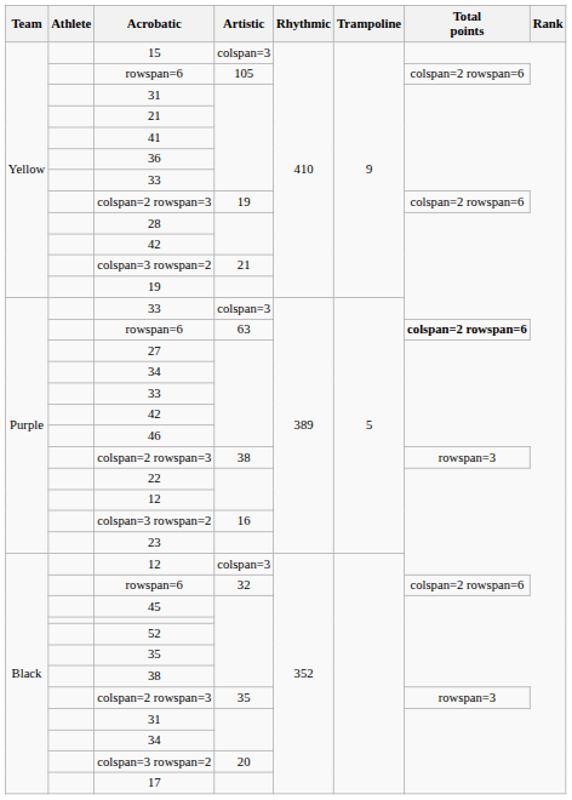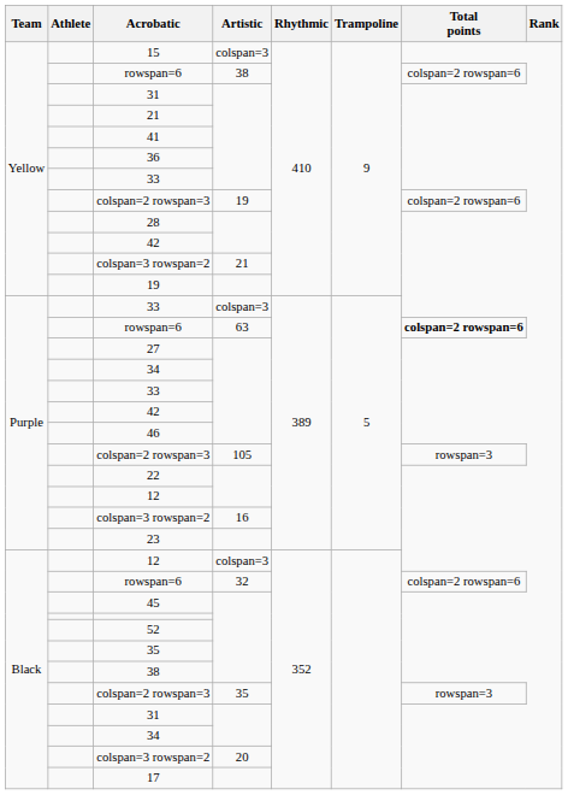 <table class="wikitable" style="font-size:90%">
 <tr>
 <th>Team</th>
 <th>Athlete</th>
 <th>Acrobatic</th>
 <th>Artistic</th>
 <th>Rhythmic</th>
 <th>Trampoline</th>
 <th>Total<br>points</th>
 <th>Rank</th>
 </tr>
 <tr align=center>
 <td rowspan=12>Yellow</td>
 <td align=left><br></td>
 <td>15</td>
 <td>colspan=3 </td>
 <td rowspan=12>410</td>
 <td rowspan=12>9</td>
 </tr>
 <tr align=center>
 <td align=left></td>
 <td>rowspan=6 </td>
-<td>105</td>
+<td>38</td>
 <td>colspan=2 rowspan=6 </td>
 </tr>
 <tr align=center>
 <td align=left></td>
 <td>31</td>
 </tr>
 <tr align=center>
 <td align=left></td>
 <td>21</td>
 </tr>
 <tr align=center>
 <td align=left></td>
 <td>41</td>
 </tr>
 <tr align=center>
 <td align=left></td>
 <td>36</td>
 </tr>
 <tr align=center>
 <td align=left></td>
 <td>33</td>
 </tr>
 <tr align=center>
 <td align=left></td>
 <td>colspan=2 rowspan=3 </td>
 <td>19</td>
 <td>colspan=2 rowspan=6 </td>
 </tr>
 <tr align=center>
 <td align=left></td>
 <td>28</td>
 </tr>
 <tr align=center>
 <td align=left></td>
 <td>42</td>
 </tr>
 <tr align=center>
 <td align=left></td>
 <td>colspan=3 rowspan=2 </td>
 <td>21</td>
 </tr>
 <tr align=center>
 <td align=left></td>
 <td>19</td>
 </tr>
 <tr align=center>
 <td rowspan=12>Purple</td>
 <td align=left><br></td>
 <td>33</td>
 <td>colspan=3 </td>
 <td rowspan=12>389</td>
 <td rowspan=12>5</td>
 </tr>
 <tr align=center>
 <td align=left></td>
 <td>rowspan=6 </td>
 <td>63</td>
 <td><strong>colspan=2 rowspan=6 </strong></td>
 </tr>
 <tr align=center>
 <td align=left></td>
 <td>27</td>
 </tr>
 <tr align=center>
 <td align=left></td>
 <td>34</td>
 </tr>
 <tr align=center>
 <td align=left></td>
 <td>33</td>
 </tr>
 <tr align=center>
 <td align=left></td>
 <td>42</td>
 </tr>
 <tr align=center>
 <td align=left></td>
 <td>46</td>
 </tr>
 <tr align=center>
 <td align=left></td>
 <td>colspan=2 rowspan=3 </td>
-<td>38</td>
+<td>105</td>
 <td>rowspan=3 </td>
 </tr>
 <tr align=center>
 <td align=left></td>
 <td>22</td>
 </tr>
 <tr align=center>
 <td align=left></td>
 <td>12</td>
 </tr>
 <tr align=center>
 <td align=left></td>
 <td>colspan=3 rowspan=2 </td>
 <td>16</td>
 </tr>
 <tr align=center>
 <td align=left></td>
 <td>23</td>
 </tr>
 <tr align=center>
 <td rowspan=12>Black</td>
 <td align=left><br></td>
 <td>12</td>
 <td>colspan=3 </td>
 <td rowspan=12>352</td>
 <td rowspan=12></td>
 </tr>
 <tr align=center>
 <td align=left></td>
 <td>rowspan=6 </td>
 <td>32</td>
 <td>colspan=2 rowspan=6 </td>
 </tr>
 <tr align=center>
 <td align=left></td>
 <td>45</td>
 </tr>
 <tr align=center>
 <td align=left></td>
 <td></td>
 </tr>
 <tr align=center>
 <td align=left></td>
 <td>52</td>
 </tr>
 <tr align=center>
 <td align=left></td>
 <td>35</td>
 </tr>
 <tr align=center>
 <td align=left></td>
 <td>38</td>
 </tr>
 <tr align=center>
 <td align=left></td>
 <td>colspan=2 rowspan=3 </td>
 <td>35</td>
 <td>rowspan=3 </td>
 </tr>
 <tr align=center>
 <td align=left></td>
 <td>31</td>
 </tr>
 <tr align=center>
 <td align=left></td>
 <td>34</td>
 </tr>
 <tr align=center>
 <td align=left></td>
 <td>colspan=3 rowspan=2 </td>
 <td>20</td>
 </tr>
 <tr align=center>
 <td align=left></td>
 <td>17</td>
 </tr>
 </table>
